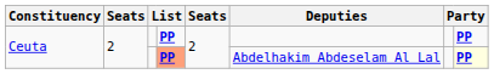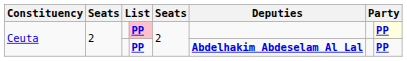 <table class="wikitable sortable">
 <tr>
 <th>Constituency</th>
 <th>Seats</th>
 <th colspan="2">List</th>
 <th>Seats</th>
 <th>Deputies</th>
 <th colspan="2">Party</th>
 </tr>
 <tr>
 <td rowspan="2"><a href='#'>Ceuta</a></td>
 <td rowspan="2">2</td>
 <td></td>
-<td><strong><a href='#'>PP</a></strong></td>
+<td style="background: pink;"><strong><a href='#'>PP</a></strong></td>
 <td rowspan="2">2</td>
 <td></td>
 <td></td>
-<td><strong><a href='#'>PP</a></strong></td>
+<td style="background: lightyellow;"><strong><a href='#'>PP</a></strong></td>
 </tr>
 <tr>
 <td></td>
-<td style="background: lightsalmon;"><strong><a href='#'>PP</a></strong></td>
-<td><a href='#'>Abdelhakim Abdeselam Al Lal</a></td>
+<td><strong><a href='#'>PP</a></strong></td>
+<td><strong><a href='#'>Abdelhakim Abdeselam Al Lal</a></strong></td>
 <td></td>
-<td style="background: lightyellow;"><strong><a href='#'>PP</a></strong></td>
+<td><strong><a href='#'>PP</a></strong></td>
 </tr>
 </table>
